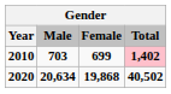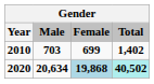 <table class="wikitable" width="auto" style="text-align: center">
 <tr>
 <th colspan="6">Gender</th>
 </tr>
 <tr style="background:#efefef;">
 <th><strong>Year</strong></th>
 <td style="background: silver"><strong>Male</strong></td>
 <td style="background: silver"><strong>Female</strong></td>
 <td style="background: silver"><strong>Total</strong></td>
 </tr>
 <tr>
 <td style="text-align:left;"><strong>2010</strong></td>
 <td style="text-align:center;"><strong>703</strong></td>
 <td style="text-align:center;"><strong>699</strong></td>
-<td style="background: pink; text-align:center;"><strong>1,402</strong></td>
+<td style="text-align:center;"><strong>1,402</strong></td>
 </tr>
 <tr>
 <td style="text-align:left;"><strong>2020</strong></td>
 <td style="text-align:center;"><strong>20,634</strong></td>
-<td style="text-align:center;"><strong>19,868</strong></td>
-<td style="text-align:center;"><strong>40,502</strong></td>
+<td style="background: lightblue; text-align:center;"><strong>19,868</strong></td>
+<td style="background: paleturquoise; text-align:center;"><strong>40,502</strong></td>
 </tr>
 </table>
